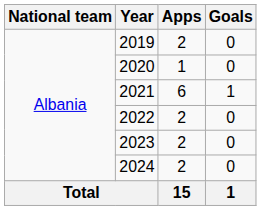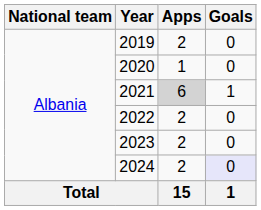 <table class="wikitable" style="text-align:center">
 <tr>
 <th>National team</th>
 <th>Year</th>
 <th>Apps</th>
 <th>Goals</th>
 </tr>
 <tr>
 <td rowspan="6"><a href='#'>Albania</a></td>
 <td>2019</td>
 <td>2</td>
 <td>0</td>
 </tr>
 <tr>
 <td>2020</td>
 <td>1</td>
 <td>0</td>
 </tr>
 <tr>
 <td>2021</td>
-<td>6</td>
+<td style="background: lightgrey;">6</td>
 <td>1</td>
 </tr>
 <tr>
 <td>2022</td>
 <td>2</td>
 <td>0</td>
 </tr>
 <tr>
 <td>2023</td>
 <td>2</td>
 <td>0</td>
 </tr>
 <tr>
 <td>2024</td>
 <td>2</td>
-<td>0</td>
+<td style="background: lavender;">0</td>
 </tr>
 <tr>
 <th colspan="2">Total</th>
 <th>15</th>
 <th>1</th>
 </tr>
 </table>
